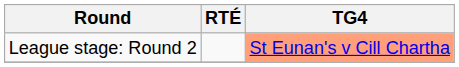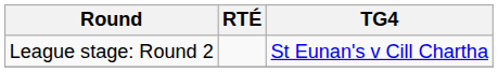 <table class="wikitable">
 <tr>
 <th>Round</th>
 <th>RTÉ</th>
 <th>TG4</th>
 </tr>
 <tr>
 <td>League stage: Round 2</td>
 <td></td>
-<td style="background: lightsalmon;"><a href='#'>St Eunan's v Cill Chartha</a></td>
+<td><a href='#'>St Eunan's v Cill Chartha</a></td>
 </tr>
 <tr>
 </tr>
 <tr>
 </tr>
 </table>
